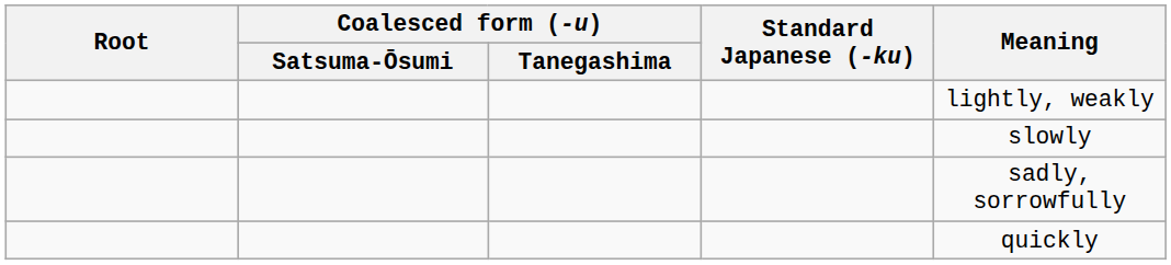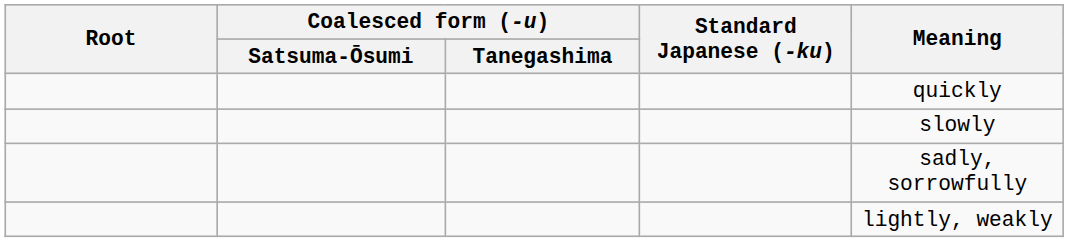 <table class="wikitable" style="text-align:center; width:650px; margin:15px;">
 <tr>
 <th width="20%" rowspan="2">Root</th>
 <th width="40%" colspan="2">Coalesced form (<em>-u</em>)</th>
 <th width="20%" rowspan="2">Standard Japanese (<em>-ku</em>)</th>
 <th width="20%" rowspan="2">Meaning</th>
 </tr>
 <tr>
 <th>Satsuma-Ōsumi</th>
 <th>Tanegashima</th>
 </tr>
 <tr>
 <td></td>
 <td></td>
 <td></td>
 <td></td>
-<td>lightly, weakly</td>
+<td>quickly</td>
 </tr>
 <tr>
 <td></td>
 <td></td>
 <td></td>
 <td></td>
 <td>slowly</td>
 </tr>
 <tr>
 <td></td>
 <td></td>
 <td></td>
 <td></td>
 <td>sadly, sorrowfully</td>
 </tr>
 <tr>
 <td></td>
 <td></td>
 <td></td>
 <td></td>
-<td>quickly</td>
+<td>lightly, weakly</td>
 </tr>
 </table>
